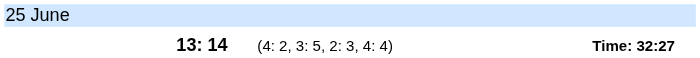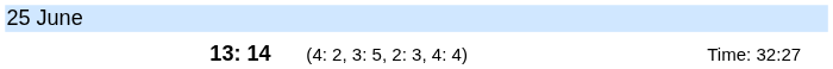 <table style="text-align:center">
 <tr style="text-align:left; background:#d0e7ff;">
 <td colspan=6>25 June</td>
 </tr>
 <tr style="font-size:90%; vertical-align:top;">
 <th width=140></th>
 <th width=60></th>
 <th width=150></th>
 <th width=140></th>
 <th width=100></th>
 </tr>
 <tr>
 <td align=right></td>
 <td><strong>13: 14</strong></td>
 <td><small>(4: 2, 3: 5, 2: 3, 4: 4)</small></td>
 <td align=left><strong></strong></td>
-<td><strong><small>Time: 32:27</small></strong></td>
+<td><small>Time: 32:27</small></td>
 <td></td>
 </tr>
 </table>
